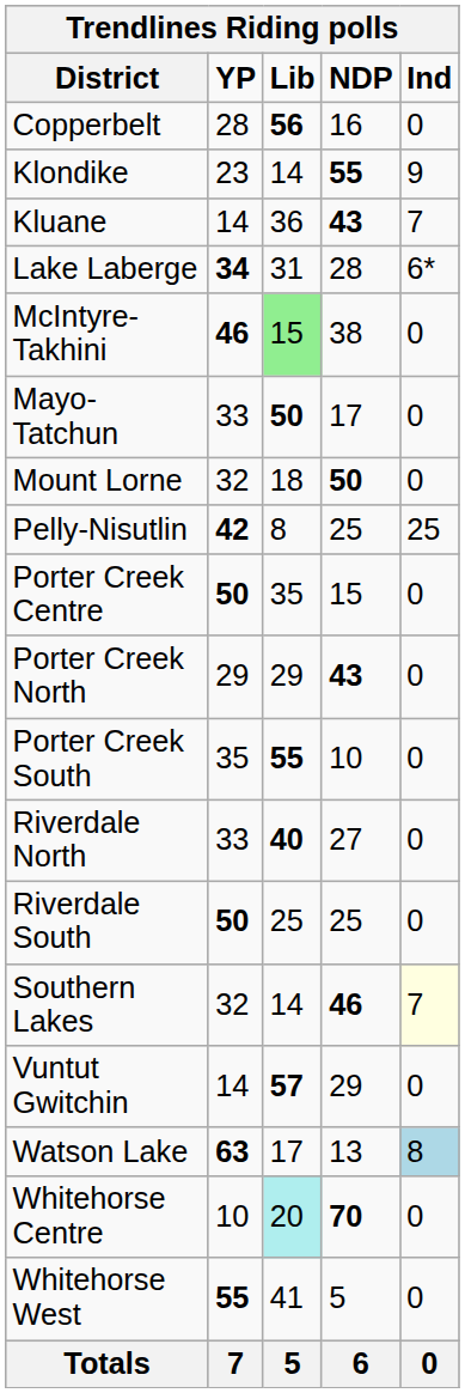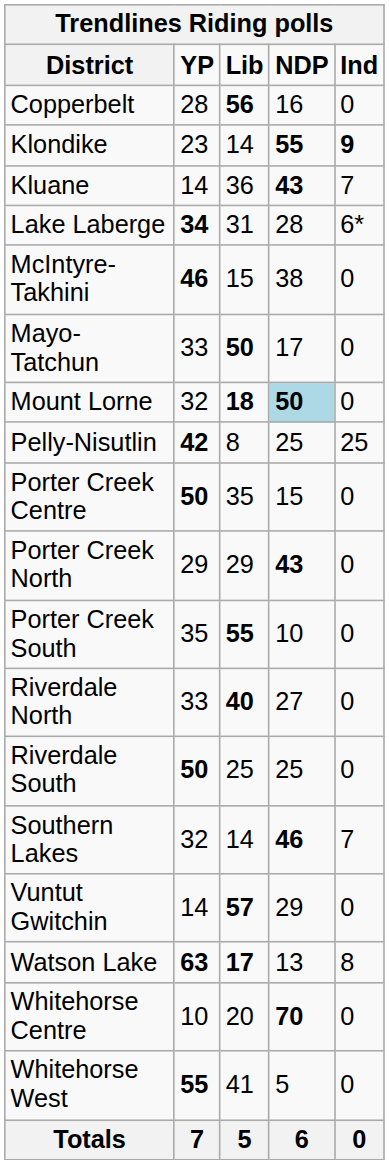 <table class="wikitable">
 <tr style="background:#e9e9e9;">
 <th colspan=5>Trendlines Riding polls</th>
 </tr>
 <tr>
 <th width=100>District</th>
 <td><strong>YP</strong></td>
 <td><strong>Lib</strong></td>
 <td><strong>NDP</strong></td>
 <td><strong>Ind</strong></td>
 </tr>
 <tr>
 <td>Copperbelt</td>
 <td>28</td>
 <td><strong>56</strong></td>
 <td>16</td>
 <td>0</td>
 </tr>
 <tr>
 <td>Klondike</td>
 <td>23</td>
 <td>14</td>
 <td><strong>55</strong></td>
-<td>9</td>
+<td><strong>9</strong></td>
 </tr>
 <tr>
 <td>Kluane</td>
 <td>14</td>
 <td>36</td>
 <td><strong>43</strong></td>
 <td>7</td>
 </tr>
 <tr>
 <td>Lake Laberge</td>
 <td><strong>34</strong></td>
 <td>31</td>
 <td>28</td>
 <td>6*</td>
 </tr>
 <tr>
 <td>McIntyre-Takhini</td>
 <td><strong>46</strong></td>
-<td style="background: lightgreen;">15</td>
+<td>15</td>
 <td>38</td>
 <td>0</td>
 </tr>
 <tr>
 <td>Mayo-Tatchun</td>
 <td>33</td>
 <td><strong>50</strong></td>
 <td>17</td>
 <td>0</td>
 </tr>
 <tr>
 <td>Mount Lorne</td>
 <td>32</td>
-<td>18</td>
-<td><strong>50</strong></td>
+<td><strong>18</strong></td>
+<td style="background: lightblue;"><strong>50</strong></td>
 <td>0</td>
 </tr>
 <tr>
 <td>Pelly-Nisutlin</td>
 <td><strong>42</strong></td>
 <td>8</td>
 <td>25</td>
 <td>25</td>
 </tr>
 <tr>
 <td>Porter Creek Centre</td>
 <td><strong>50</strong></td>
 <td>35</td>
 <td>15</td>
 <td>0</td>
 </tr>
 <tr>
 <td>Porter Creek North</td>
 <td>29</td>
 <td>29</td>
 <td><strong>43</strong></td>
 <td>0</td>
 </tr>
 <tr>
 <td>Porter Creek South</td>
 <td>35</td>
 <td><strong>55</strong></td>
 <td>10</td>
 <td>0</td>
 </tr>
 <tr>
 <td>Riverdale North</td>
 <td>33</td>
 <td><strong>40</strong></td>
 <td>27</td>
 <td>0</td>
 </tr>
 <tr>
 <td>Riverdale South</td>
 <td><strong>50</strong></td>
 <td>25</td>
 <td>25</td>
 <td>0</td>
 </tr>
 <tr>
 <td>Southern Lakes</td>
 <td>32</td>
 <td>14</td>
 <td><strong>46</strong></td>
-<td style="background: lightyellow;">7</td>
+<td>7</td>
 </tr>
 <tr>
 <td>Vuntut Gwitchin</td>
 <td>14</td>
 <td><strong>57</strong></td>
 <td>29</td>
 <td>0</td>
 </tr>
 <tr>
 <td>Watson Lake</td>
 <td><strong>63</strong></td>
-<td>17</td>
+<td><strong>17</strong></td>
 <td>13</td>
-<td style="background: lightblue;">8</td>
+<td>8</td>
 </tr>
 <tr>
 <td>Whitehorse Centre</td>
 <td>10</td>
-<td style="background: paleturquoise;">20</td>
+<td>20</td>
 <td><strong>70</strong></td>
 <td>0</td>
 </tr>
 <tr>
 <td>Whitehorse West</td>
 <td><strong>55</strong></td>
 <td>41</td>
 <td>5</td>
 <td>0</td>
 </tr>
 <tr>
 <th>Totals</th>
 <th>7</th>
 <th>5</th>
 <th>6</th>
 <th>0</th>
 </tr>
 </table>
